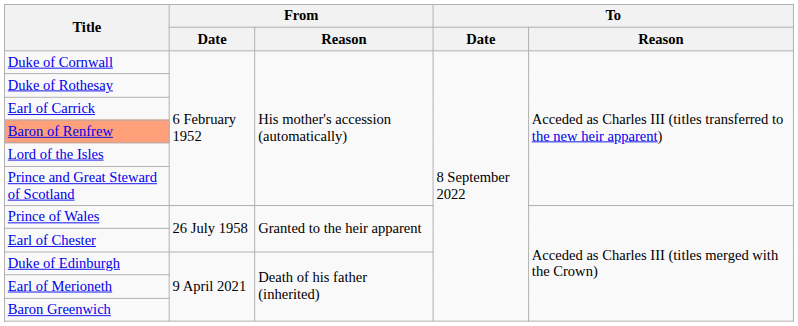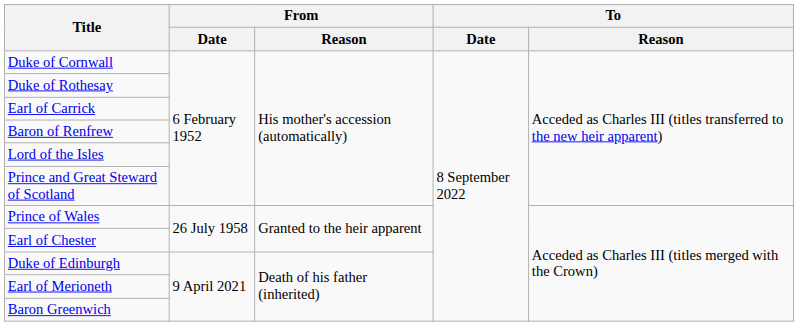 <table class="wikitable sortable" style="margin:0.5em 1em 0.5em 0; border:1px #005566 solid; border-collapse:collapse;">
 <tr>
 <th rowspan=2>Title</th>
 <th colspan=2>From</th>
 <th colspan=2>To</th>
 </tr>
 <tr>
 <th>Date</th>
 <th>Reason</th>
 <th>Date</th>
 <th>Reason</th>
 </tr>
 <tr>
 <td><a href='#'>Duke of Cornwall</a></td>
 <td rowspan=6>6 February 1952</td>
 <td rowspan=6>His mother's accession (automatically)</td>
 <td rowspan=11>8 September 2022</td>
 <td rowspan=6>Acceded as Charles III (titles transferred to <a href='#'>the new heir apparent</a>)</td>
 </tr>
 <tr>
 <td><a href='#'>Duke of Rothesay</a></td>
 </tr>
 <tr>
 <td><a href='#'>Earl of Carrick</a></td>
 </tr>
 <tr>
-<td style="background: lightsalmon;"><a href='#'>Baron of Renfrew</a></td>
+<td><a href='#'>Baron of Renfrew</a></td>
 </tr>
 <tr>
 <td><a href='#'>Lord of the Isles</a></td>
 </tr>
 <tr>
 <td><a href='#'>Prince and Great Steward of Scotland</a></td>
 </tr>
 <tr>
 <td><a href='#'>Prince of Wales</a></td>
 <td rowspan=2>26 July 1958</td>
 <td rowspan=2>Granted to the heir apparent</td>
 <td rowspan=5>Acceded as Charles III (titles merged with the Crown)</td>
 </tr>
 <tr>
 <td><a href='#'>Earl of Chester</a></td>
 </tr>
 <tr>
 <td><a href='#'>Duke of Edinburgh</a></td>
 <td rowspan=3>9 April 2021</td>
 <td rowspan=3>Death of his father (inherited)</td>
 </tr>
 <tr>
 <td><a href='#'>Earl of Merioneth</a></td>
 </tr>
 <tr>
 <td><a href='#'>Baron Greenwich</a></td>
 </tr>
 </table>
